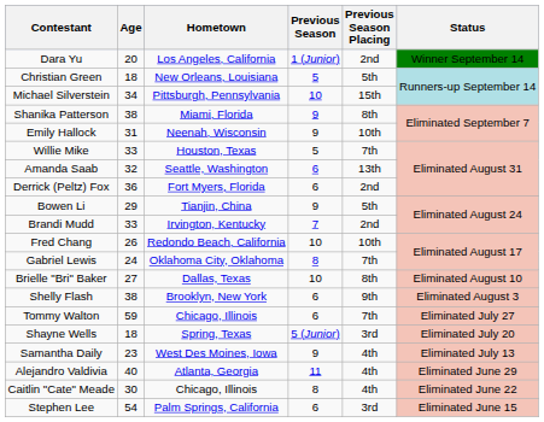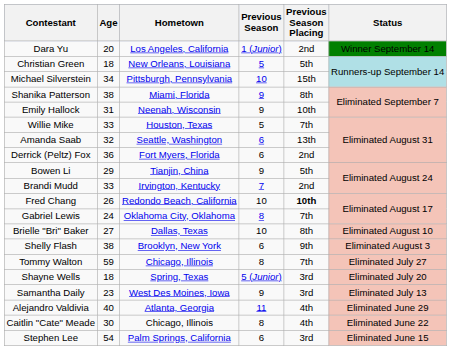 <table class="wikitable sortable plainrowheaders" style="text-align:center">
 <tr style="background:#C1D8FF;">
 <th>Contestant</th>
 <th>Age</th>
 <th>Hometown</th>
 <th>Previous<br>Season</th>
 <th>Previous<br>Season<br>Placing</th>
 <th>Status</th>
 </tr>
 <tr>
 <td>Dara Yu</td>
 <td>20</td>
 <td><a href='#'>Los Angeles, California</a></td>
 <td><a href='#'>1 (<em>Junior</em>)</a></td>
 <td>2nd</td>
 <td style="background:green;"><span>Winner September 14</span></td>
 </tr>
 <tr>
 <td>Christian Green</td>
 <td>18</td>
 <td><a href='#'>New Orleans, Louisiana</a></td>
 <td><a href='#'>5</a></td>
 <td>5th</td>
 <td rowspan="2" style="background:#B0E0E6; text-align:center;">Runners-up September 14</td>
 </tr>
 <tr>
 <td>Michael Silverstein</td>
 <td>34</td>
 <td><a href='#'>Pittsburgh, Pennsylvania</a></td>
 <td><a href='#'>10</a></td>
 <td>15th</td>
 </tr>
 <tr>
 <td>Shanika Patterson</td>
 <td>38</td>
 <td><a href='#'>Miami, Florida</a></td>
 <td><a href='#'>9</a></td>
 <td>8th</td>
 <td style="background:#f4c4b8; text'align:center;" rowspan="2">Eliminated September 7</td>
 </tr>
 <tr>
 <td>Emily Hallock</td>
 <td>31</td>
 <td><a href='#'>Neenah, Wisconsin</a></td>
 <td>9</td>
 <td>10th</td>
 </tr>
 <tr>
 <td>Willie Mike</td>
 <td>33</td>
 <td><a href='#'>Houston, Texas</a></td>
 <td>5</td>
 <td>7th</td>
 <td style="background:#f4c4b8; text'align:center;" rowspan="3">Eliminated August 31</td>
 </tr>
 <tr>
 <td>Amanda Saab</td>
 <td>32</td>
 <td><a href='#'>Seattle, Washington</a></td>
 <td><a href='#'>6</a></td>
 <td>13th</td>
 </tr>
 <tr>
 <td>Derrick (Peltz) Fox</td>
 <td>36</td>
 <td><a href='#'>Fort Myers, Florida</a></td>
 <td>6</td>
 <td>2nd</td>
 </tr>
 <tr>
 <td>Bowen Li</td>
 <td>29</td>
 <td><a href='#'>Tianjin, China</a></td>
 <td>9</td>
 <td>5th</td>
 <td style="background:#f4c4b8; text'align:center;" rowspan="2">Eliminated August 24</td>
 </tr>
 <tr>
 <td>Brandi Mudd</td>
 <td>33</td>
 <td><a href='#'>Irvington, Kentucky</a></td>
 <td><a href='#'>7</a></td>
 <td>2nd</td>
 </tr>
 <tr>
 <td>Fred Chang</td>
 <td>26</td>
 <td><a href='#'>Redondo Beach, California</a></td>
 <td>10</td>
-<td>10th</td>
+<td><strong>10th</strong></td>
 <td style="background:#f4c4b8; text'align:center;" rowspan="2">Eliminated August 17</td>
 </tr>
 <tr>
 <td>Gabriel Lewis</td>
 <td>24</td>
 <td><a href='#'>Oklahoma City, Oklahoma</a></td>
 <td><a href='#'>8</a></td>
 <td>7th</td>
 </tr>
 <tr>
 <td>Brielle "Bri" Baker</td>
 <td>27</td>
 <td><a href='#'>Dallas, Texas</a></td>
 <td>10</td>
 <td>8th</td>
 <td style="background:#f4c4b8; text-align:center;">Eliminated August 10</td>
 </tr>
 <tr>
 <td>Shelly Flash</td>
 <td>38</td>
 <td><a href='#'>Brooklyn, New York</a></td>
 <td>6</td>
 <td>9th</td>
 <td style="background:#f4c4b8; text-align:center;">Eliminated August 3</td>
 </tr>
 <tr>
 <td>Tommy Walton</td>
 <td>59</td>
 <td><a href='#'>Chicago, Illinois</a></td>
-<td>6</td>
+<td>8</td>
 <td>7th</td>
 <td style="background:#f4c4b8; text-align:center;">Eliminated July 27</td>
 </tr>
 <tr>
 <td>Shayne Wells</td>
 <td>18</td>
 <td><a href='#'>Spring, Texas</a></td>
 <td><a href='#'>5 (<em>Junior</em>)</a></td>
 <td>3rd</td>
 <td style="background:#f4c4b8; text-align:center;">Eliminated July 20</td>
 </tr>
 <tr>
 <td>Samantha Daily</td>
 <td>23</td>
 <td><a href='#'>West Des Moines, Iowa</a></td>
 <td>9</td>
-<td>4th</td>
+<td>3rd</td>
 <td style="background:#f4c4b8; text-align:center;">Eliminated July 13</td>
 </tr>
 <tr>
 <td>Alejandro Valdivia</td>
 <td>40</td>
 <td><a href='#'>Atlanta, Georgia</a></td>
 <td><a href='#'>11</a></td>
 <td>4th</td>
 <td style="background:#f4c4b8; text-align:center;">Eliminated June 29</td>
 </tr>
 <tr>
 <td>Caitlin "Cate" Meade</td>
 <td>30</td>
 <td>Chicago, Illinois</td>
 <td>8</td>
 <td>4th</td>
 <td style="background:#f4c4b8; text-align:center;">Eliminated June 22</td>
 </tr>
 <tr>
 <td>Stephen Lee</td>
 <td>54</td>
 <td><a href='#'>Palm Springs, California</a></td>
 <td>6</td>
 <td>3rd</td>
 <td style="background:#f4c4b8; text-align:center;">Eliminated June 15</td>
 </tr>
 </table>
